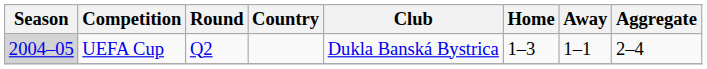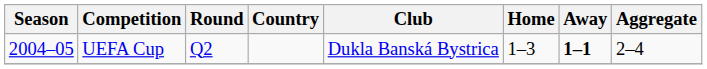 <table class="wikitable">
 <tr>
 <th>Season</th>
 <th>Competition</th>
 <th>Round</th>
 <th>Country</th>
 <th>Club</th>
 <th>Home</th>
 <th>Away</th>
 <th>Aggregate</th>
 </tr>
 <tr>
-<td style="background: lightgrey;"><a href='#'>2004–05</a></td>
+<td><a href='#'>2004–05</a></td>
 <td><a href='#'>UEFA Cup</a></td>
 <td><a href='#'>Q2</a></td>
 <td></td>
 <td><a href='#'>Dukla Banská Bystrica</a></td>
 <td>1–3</td>
-<td>1–1</td>
+<td><strong>1–1</strong></td>
 <td>2–4</td>
 </tr>
 <tr>
 </tr>
 </table>
